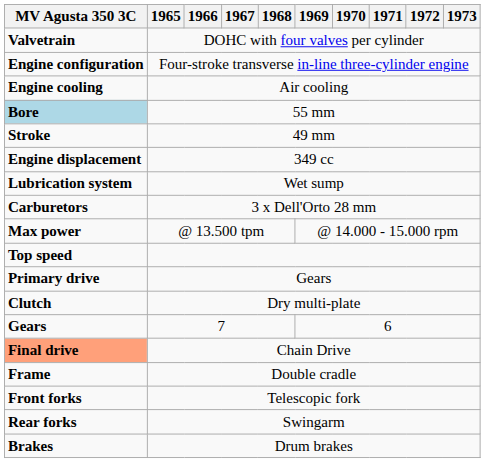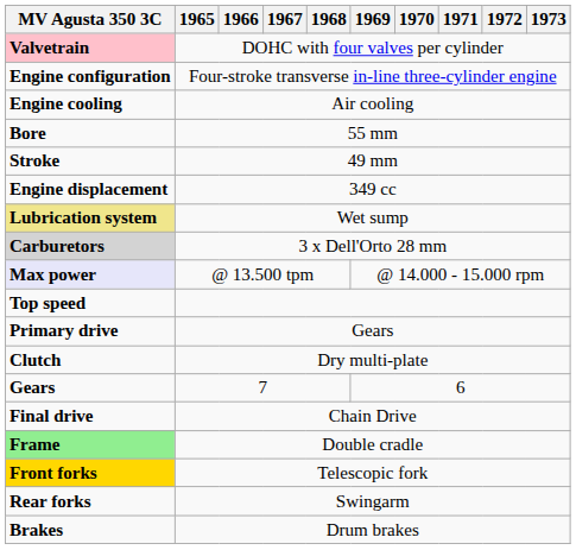 <table class="wikitable">
 <tr>
 <th>MV Agusta 350 3C</th>
 <th>1965</th>
 <th>1966</th>
 <th>1967</th>
 <th>1968</th>
 <th>1969</th>
 <th>1970</th>
 <th>1971</th>
 <th>1972</th>
 <th>1973</th>
 </tr>
 <tr>
-<td><strong>Valvetrain</strong></td>
+<td style="background: pink;"><strong>Valvetrain</strong></td>
 <td colspan="9" align="center">DOHC with <a href='#'>four valves</a> per cylinder</td>
 </tr>
 <tr>
 <td><strong>Engine configuration</strong></td>
 <td colspan="9" align="center">Four-stroke transverse <a href='#'>in-line three-cylinder engine</a></td>
 </tr>
 <tr>
 <td><strong>Engine cooling</strong></td>
 <td colspan="9" align="center">Air cooling</td>
 </tr>
 <tr>
-<td style="background: lightblue;"><strong>Bore</strong></td>
+<td><strong>Bore</strong></td>
 <td colspan="9" align="center">55 mm</td>
 </tr>
 <tr>
 <td><strong>Stroke</strong></td>
 <td colspan="9" align="center">49 mm</td>
 </tr>
 <tr>
 <td><strong>Engine displacement</strong></td>
 <td colspan="9" align="center">349 cc</td>
 </tr>
 <tr>
-<td><strong>Lubrication system</strong></td>
+<td style="background: khaki;"><strong>Lubrication system</strong></td>
 <td colspan="9" align="center">Wet sump</td>
 </tr>
 <tr>
-<td><strong>Carburetors</strong></td>
+<td style="background: lightgrey;"><strong>Carburetors</strong></td>
 <td colspan="9" align="center">3 x Dell'Orto 28 mm</td>
 </tr>
 <tr>
-<td><strong>Max power</strong></td>
+<td style="background: lavender;"><strong>Max power</strong></td>
 <td colspan="4" align="center"> @ 13.500 tpm</td>
 <td colspan="5" align="center"> @ 14.000 - 15.000 rpm</td>
 </tr>
 <tr>
 <td><strong>Top speed</strong></td>
 <td colspan="9" align="center"></td>
 </tr>
 <tr>
 <td><strong>Primary drive</strong></td>
 <td colspan="9" align="center">Gears</td>
 </tr>
 <tr>
 <td><strong>Clutch</strong></td>
 <td colspan="9" align="center">Dry multi-plate</td>
 </tr>
 <tr>
 <td><strong>Gears</strong></td>
 <td colspan="4" align="center">7</td>
 <td colspan="5" align="center">6</td>
 </tr>
 <tr>
-<td style="background: lightsalmon;"><strong>Final drive</strong></td>
+<td><strong>Final drive</strong></td>
 <td colspan="9" align="center">Chain Drive</td>
 </tr>
 <tr>
-<td><strong>Frame</strong></td>
+<td style="background: lightgreen;"><strong>Frame</strong></td>
 <td colspan="9" align="center">Double cradle</td>
 </tr>
 <tr>
-<td><strong>Front forks</strong></td>
+<td style="background: gold;"><strong>Front forks</strong></td>
 <td colspan="9" align="center">Telescopic fork</td>
 </tr>
 <tr>
 <td><strong>Rear forks</strong></td>
 <td colspan="9" align="center">Swingarm</td>
 </tr>
 <tr>
 <td><strong>Brakes</strong></td>
 <td colspan="9" align="center">Drum brakes</td>
 </tr>
 </table>
